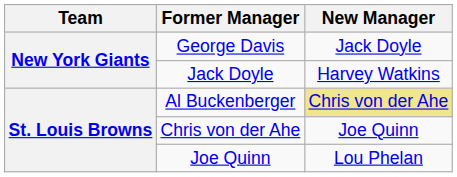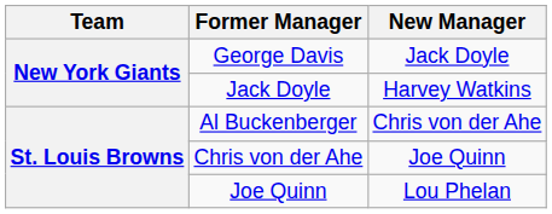 <table class="wikitable plainrowheaders" style="text-align:center;">
 <tr>
 <th scope="col">Team</th>
 <th scope="col">Former Manager</th>
 <th scope="col">New Manager</th>
 </tr>
 <tr>
 <th rowspan="2" scope="row" style="text-align:center;"><a href='#'>New York Giants</a></th>
 <td><a href='#'>George Davis</a></td>
 <td><a href='#'>Jack Doyle</a></td>
 </tr>
 <tr>
 <td><a href='#'>Jack Doyle</a></td>
 <td><a href='#'>Harvey Watkins</a></td>
 </tr>
 <tr>
 <th rowspan="3" scope="row" style="text-align:center;"><a href='#'>St. Louis Browns</a></th>
 <td><a href='#'>Al Buckenberger</a></td>
-<td style="background: khaki;"><a href='#'>Chris von der Ahe</a></td>
+<td><a href='#'>Chris von der Ahe</a></td>
 </tr>
 <tr>
 <td><a href='#'>Chris von der Ahe</a></td>
 <td><a href='#'>Joe Quinn</a></td>
 </tr>
 <tr>
 <td><a href='#'>Joe Quinn</a></td>
 <td><a href='#'>Lou Phelan</a></td>
 </tr>
 </table>
